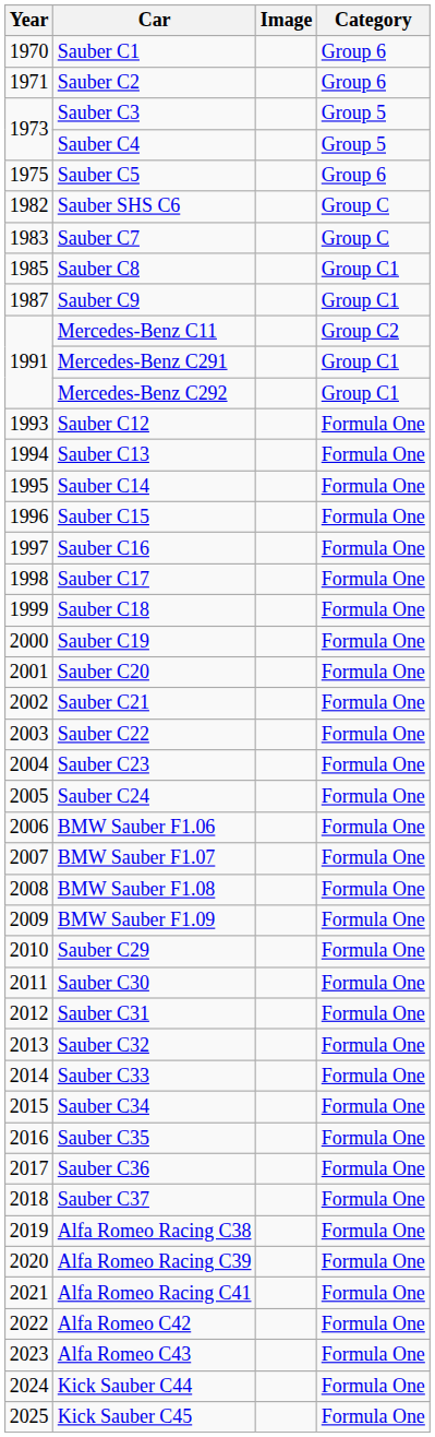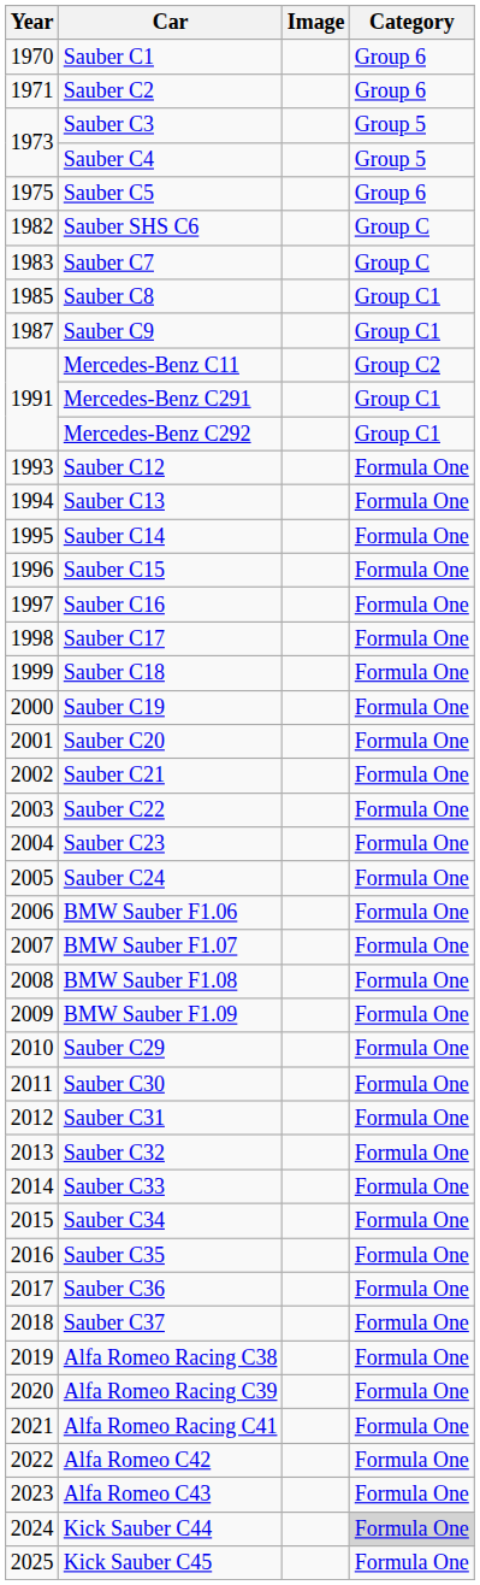 <table class="wikitable">
 <tr>
 <th>Year</th>
 <th>Car</th>
 <th>Image</th>
 <th>Category</th>
 </tr>
 <tr>
 <td>1970</td>
 <td><a href='#'>Sauber C1</a></td>
 <td></td>
 <td><a href='#'>Group 6</a></td>
 </tr>
 <tr>
 <td>1971</td>
 <td><a href='#'>Sauber C2</a></td>
 <td></td>
 <td><a href='#'>Group 6</a></td>
 </tr>
 <tr>
 <td rowspan="2">1973</td>
 <td><a href='#'>Sauber C3</a></td>
 <td></td>
 <td><a href='#'>Group 5</a></td>
 </tr>
 <tr>
 <td><a href='#'>Sauber C4</a></td>
 <td></td>
 <td><a href='#'>Group 5</a></td>
 </tr>
 <tr>
 <td>1975</td>
 <td><a href='#'>Sauber C5</a></td>
 <td></td>
 <td><a href='#'>Group 6</a></td>
 </tr>
 <tr>
 <td>1982</td>
 <td><a href='#'>Sauber SHS C6</a></td>
 <td></td>
 <td><a href='#'>Group C</a></td>
 </tr>
 <tr>
 <td>1983</td>
 <td><a href='#'>Sauber C7</a></td>
 <td></td>
 <td><a href='#'>Group C</a></td>
 </tr>
 <tr>
 <td>1985</td>
 <td><a href='#'>Sauber C8</a></td>
 <td></td>
 <td><a href='#'>Group C1</a></td>
 </tr>
 <tr>
 <td>1987</td>
 <td><a href='#'>Sauber C9</a></td>
 <td></td>
 <td><a href='#'>Group C1</a></td>
 </tr>
 <tr>
 <td rowspan="3">1991</td>
 <td><a href='#'>Mercedes-Benz C11</a></td>
 <td></td>
 <td><a href='#'>Group C2</a></td>
 </tr>
 <tr>
 <td><a href='#'>Mercedes-Benz C291</a></td>
 <td></td>
 <td><a href='#'>Group C1</a></td>
 </tr>
 <tr>
 <td><a href='#'>Mercedes-Benz C292</a></td>
 <td></td>
 <td><a href='#'>Group C1</a></td>
 </tr>
 <tr>
 <td>1993</td>
 <td><a href='#'>Sauber C12</a></td>
 <td></td>
 <td><a href='#'>Formula One</a></td>
 </tr>
 <tr>
 <td>1994</td>
 <td><a href='#'>Sauber C13</a></td>
 <td></td>
 <td><a href='#'>Formula One</a></td>
 </tr>
 <tr>
 <td>1995</td>
 <td><a href='#'>Sauber C14</a></td>
 <td></td>
 <td><a href='#'>Formula One</a></td>
 </tr>
 <tr>
 <td>1996</td>
 <td><a href='#'>Sauber C15</a></td>
 <td></td>
 <td><a href='#'>Formula One</a></td>
 </tr>
 <tr>
 <td>1997</td>
 <td><a href='#'>Sauber C16</a></td>
 <td></td>
 <td><a href='#'>Formula One</a></td>
 </tr>
 <tr>
 <td>1998</td>
 <td><a href='#'>Sauber C17</a></td>
 <td></td>
 <td><a href='#'>Formula One</a></td>
 </tr>
 <tr>
 <td>1999</td>
 <td><a href='#'>Sauber C18</a></td>
 <td></td>
 <td><a href='#'>Formula One</a></td>
 </tr>
 <tr>
 <td>2000</td>
 <td><a href='#'>Sauber C19</a></td>
 <td></td>
 <td><a href='#'>Formula One</a></td>
 </tr>
 <tr>
 <td>2001</td>
 <td><a href='#'>Sauber C20</a></td>
 <td></td>
 <td><a href='#'>Formula One</a></td>
 </tr>
 <tr>
 <td>2002</td>
 <td><a href='#'>Sauber C21</a></td>
 <td></td>
 <td><a href='#'>Formula One</a></td>
 </tr>
 <tr>
 <td>2003</td>
 <td><a href='#'>Sauber C22</a></td>
 <td></td>
 <td><a href='#'>Formula One</a></td>
 </tr>
 <tr>
 <td>2004</td>
 <td><a href='#'>Sauber C23</a></td>
 <td></td>
 <td><a href='#'>Formula One</a></td>
 </tr>
 <tr>
 <td>2005</td>
 <td><a href='#'>Sauber C24</a></td>
 <td></td>
 <td><a href='#'>Formula One</a></td>
 </tr>
 <tr>
 <td>2006</td>
 <td><a href='#'>BMW Sauber F1.06</a></td>
 <td></td>
 <td><a href='#'>Formula One</a></td>
 </tr>
 <tr>
 <td>2007</td>
 <td><a href='#'>BMW Sauber F1.07</a></td>
 <td></td>
 <td><a href='#'>Formula One</a></td>
 </tr>
 <tr>
 <td>2008</td>
 <td><a href='#'>BMW Sauber F1.08</a></td>
 <td></td>
 <td><a href='#'>Formula One</a></td>
 </tr>
 <tr>
 <td>2009</td>
 <td><a href='#'>BMW Sauber F1.09</a></td>
 <td></td>
 <td><a href='#'>Formula One</a></td>
 </tr>
 <tr>
 <td>2010</td>
 <td><a href='#'>Sauber C29</a></td>
 <td></td>
 <td><a href='#'>Formula One</a></td>
 </tr>
 <tr>
 <td>2011</td>
 <td><a href='#'>Sauber C30</a></td>
 <td></td>
 <td><a href='#'>Formula One</a></td>
 </tr>
 <tr>
 <td>2012</td>
 <td><a href='#'>Sauber C31</a></td>
 <td></td>
 <td><a href='#'>Formula One</a></td>
 </tr>
 <tr>
 <td>2013</td>
 <td><a href='#'>Sauber C32</a></td>
 <td></td>
 <td><a href='#'>Formula One</a></td>
 </tr>
 <tr>
 <td>2014</td>
 <td><a href='#'>Sauber C33</a></td>
 <td></td>
 <td><a href='#'>Formula One</a></td>
 </tr>
 <tr>
 <td>2015</td>
 <td><a href='#'>Sauber C34</a></td>
 <td></td>
 <td><a href='#'>Formula One</a></td>
 </tr>
 <tr>
 <td>2016</td>
 <td><a href='#'>Sauber C35</a></td>
 <td></td>
 <td><a href='#'>Formula One</a></td>
 </tr>
 <tr>
 <td>2017</td>
 <td><a href='#'>Sauber C36</a></td>
 <td></td>
 <td><a href='#'>Formula One</a></td>
 </tr>
 <tr>
 <td>2018</td>
 <td><a href='#'>Sauber C37</a></td>
 <td></td>
 <td><a href='#'>Formula One</a></td>
 </tr>
 <tr>
 <td>2019</td>
 <td><a href='#'>Alfa Romeo Racing C38</a></td>
 <td></td>
 <td><a href='#'>Formula One</a></td>
 </tr>
 <tr>
 <td>2020</td>
 <td><a href='#'>Alfa Romeo Racing C39</a></td>
 <td></td>
 <td><a href='#'>Formula One</a></td>
 </tr>
 <tr>
 <td>2021</td>
 <td><a href='#'>Alfa Romeo Racing C41</a></td>
 <td></td>
 <td><a href='#'>Formula One</a></td>
 </tr>
 <tr>
 <td>2022</td>
 <td><a href='#'>Alfa Romeo C42</a></td>
 <td></td>
 <td><a href='#'>Formula One</a></td>
 </tr>
 <tr>
 <td>2023</td>
 <td><a href='#'>Alfa Romeo C43</a></td>
 <td></td>
 <td><a href='#'>Formula One</a></td>
 </tr>
 <tr>
 <td>2024</td>
 <td><a href='#'>Kick Sauber C44</a></td>
 <td></td>
-<td><a href='#'>Formula One</a></td>
+<td style="background: lightgrey;"><a href='#'>Formula One</a></td>
 </tr>
 <tr>
 <td>2025</td>
 <td><a href='#'>Kick Sauber C45</a></td>
 <td></td>
 <td><a href='#'>Formula One</a></td>
 </tr>
 </table>
